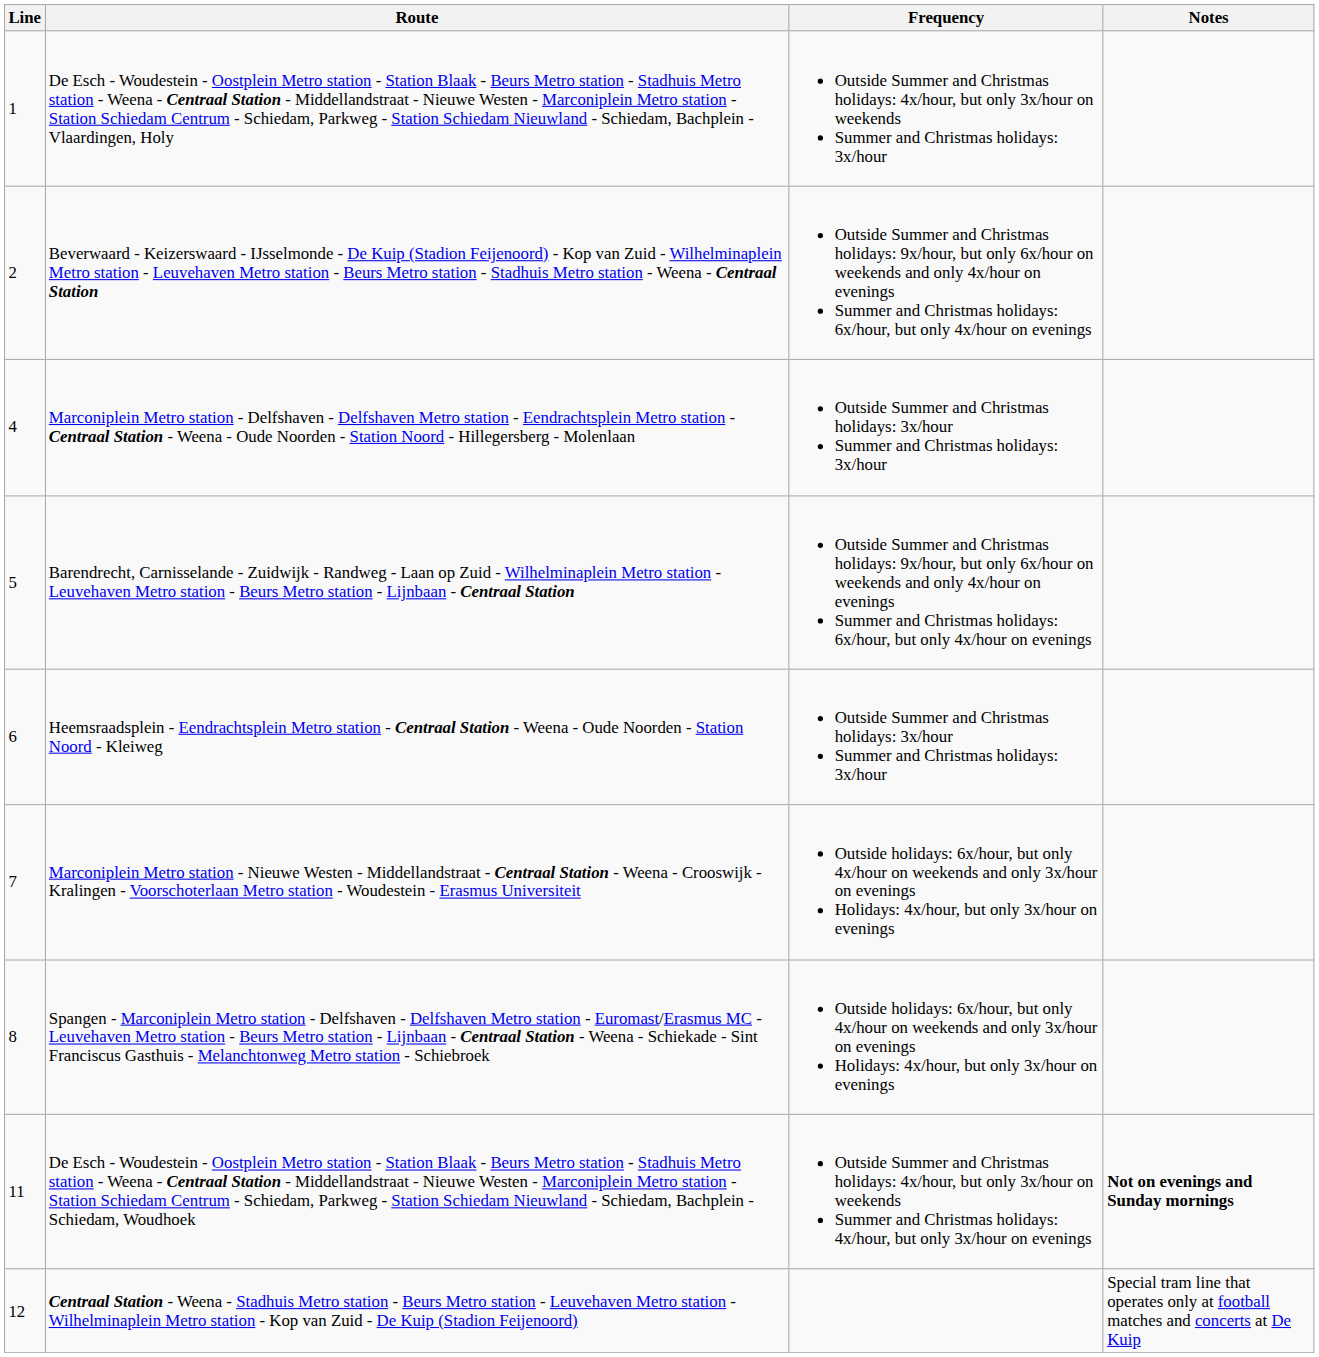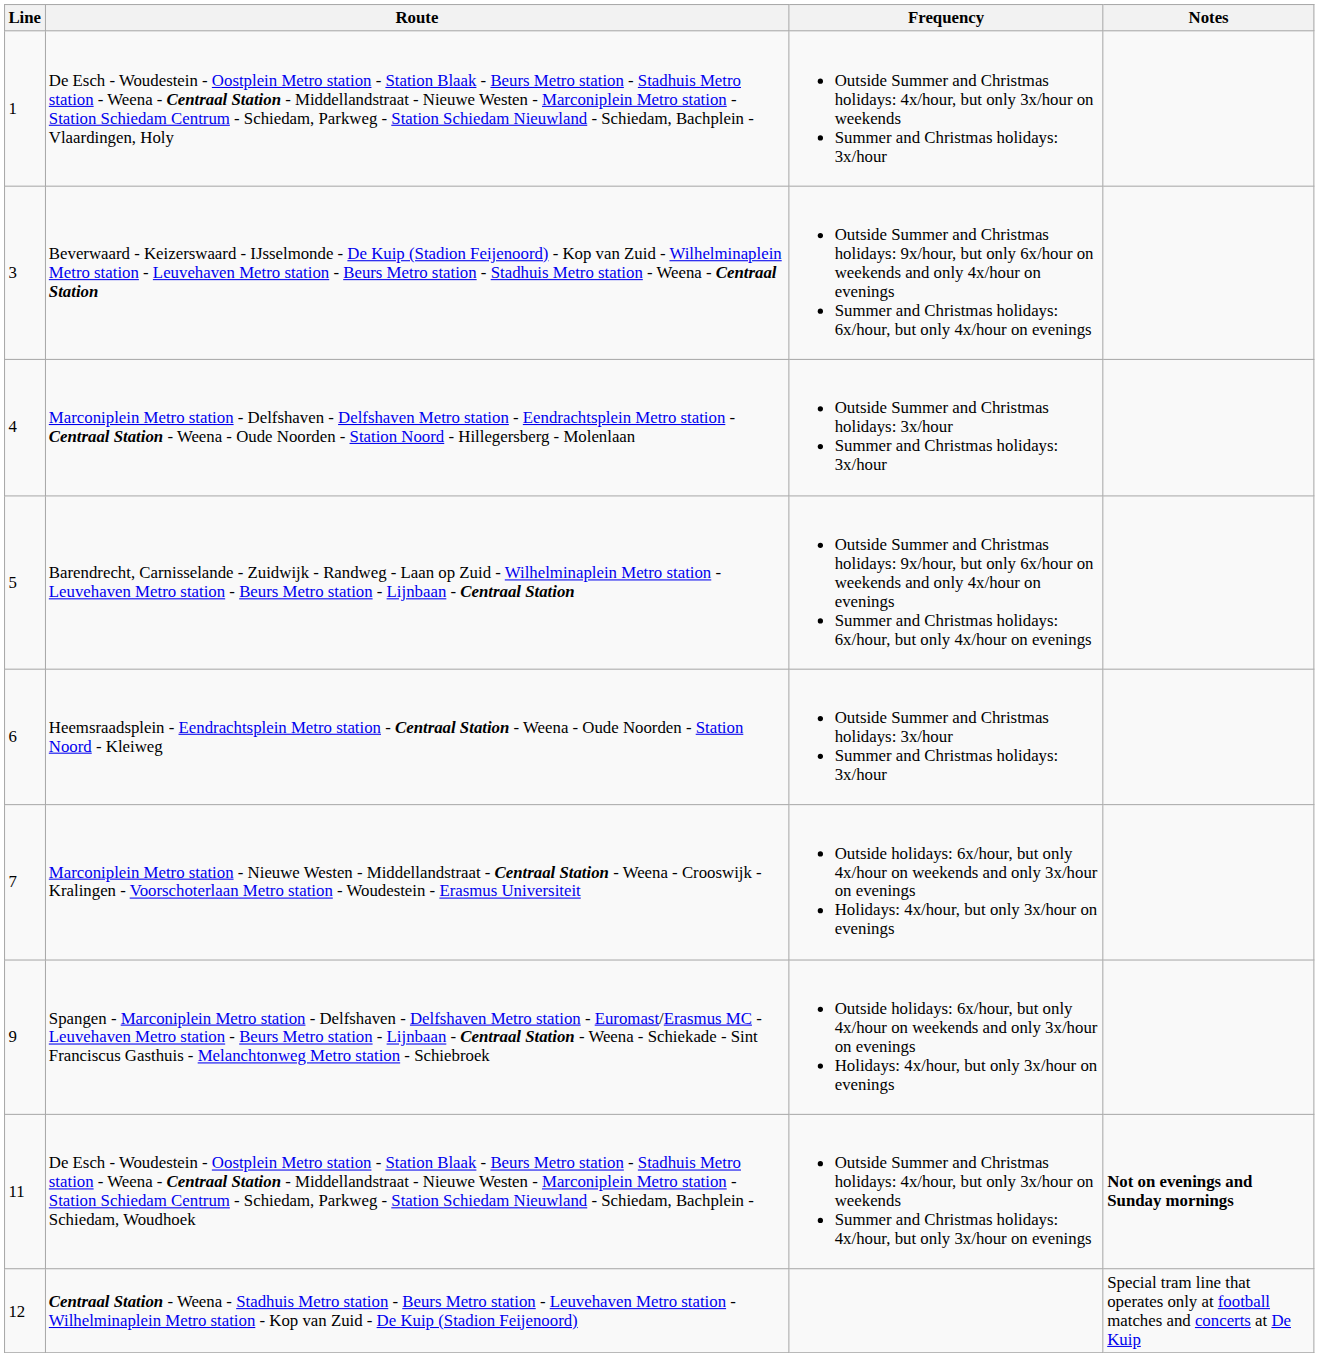 <table class="wikitable vatop">
 <tr>
 <th>Line</th>
 <th>Route</th>
 <th>Frequency</th>
 <th>Notes</th>
 </tr>
 <tr>
 <td>1</td>
 <td>De Esch - Woudestein - <a href='#'>Oostplein Metro station</a> - <a href='#'>Station Blaak</a> - <a href='#'>Beurs Metro station</a> - <a href='#'>Stadhuis Metro station</a> - Weena - <strong><em>Centraal Station</em></strong> - Middellandstraat - Nieuwe Westen - <a href='#'>Marconiplein Metro station</a> - <a href='#'>Station Schiedam Centrum</a> - Schiedam, Parkweg - <a href='#'>Station Schiedam Nieuwland</a> - Schiedam, Bachplein - Vlaardingen, Holy</td>
 <td><br><ul><li>Outside Summer and Christmas holidays: 4x/hour, but only 3x/hour on weekends</li><li>Summer and Christmas holidays: 3x/hour</li></ul></td>
 <td></td>
 </tr>
 <tr>
-<td>2</td>
+<td>3</td>
 <td>Beverwaard - Keizerswaard - IJsselmonde - <a href='#'>De Kuip (Stadion Feijenoord)</a> - Kop van Zuid - <a href='#'>Wilhelminaplein Metro station</a> - <a href='#'>Leuvehaven Metro station</a> - <a href='#'>Beurs Metro station</a> - <a href='#'>Stadhuis Metro station</a> - Weena - <strong><em>Centraal Station</em></strong></td>
 <td><br><ul><li>Outside Summer and Christmas holidays: 9x/hour, but only 6x/hour on weekends and only 4x/hour on evenings</li><li>Summer and Christmas holidays: 6x/hour, but only 4x/hour on evenings</li></ul></td>
 <td></td>
 </tr>
 <tr>
 <td>4</td>
 <td><a href='#'>Marconiplein Metro station</a> - Delfshaven - <a href='#'>Delfshaven Metro station</a> - <a href='#'>Eendrachtsplein Metro station</a> - <strong><em>Centraal Station</em></strong> - Weena - Oude Noorden - <a href='#'>Station Noord</a> - Hillegersberg - Molenlaan</td>
 <td><br><ul><li>Outside Summer and Christmas holidays: 3x/hour</li><li>Summer and Christmas holidays: 3x/hour</li></ul></td>
 <td></td>
 </tr>
 <tr>
 <td>5</td>
 <td>Barendrecht, Carnisselande - Zuidwijk - Randweg - Laan op Zuid - <a href='#'>Wilhelminaplein Metro station</a> - <a href='#'>Leuvehaven Metro station</a> - <a href='#'>Beurs Metro station</a> - <a href='#'>Lijnbaan</a> - <strong><em>Centraal Station</em></strong></td>
 <td><br><ul><li>Outside Summer and Christmas holidays: 9x/hour, but only 6x/hour on weekends and only 4x/hour on evenings</li><li>Summer and Christmas holidays: 6x/hour, but only 4x/hour on evenings</li></ul></td>
 <td></td>
 </tr>
 <tr>
 <td>6</td>
 <td>Heemsraadsplein - <a href='#'>Eendrachtsplein Metro station</a> - <strong><em>Centraal Station</em></strong> - Weena - Oude Noorden - <a href='#'>Station Noord</a> - Kleiweg</td>
 <td><br><ul><li>Outside Summer and Christmas holidays: 3x/hour</li><li>Summer and Christmas holidays: 3x/hour</li></ul></td>
 <td></td>
 </tr>
 <tr>
 <td>7</td>
 <td><a href='#'>Marconiplein Metro station</a> - Nieuwe Westen - Middellandstraat - <strong><em>Centraal Station</em></strong> - Weena - Crooswijk - Kralingen - <a href='#'>Voorschoterlaan Metro station</a> - Woudestein - <a href='#'>Erasmus Universiteit</a></td>
 <td><br><ul><li>Outside holidays: 6x/hour, but only 4x/hour on weekends and only 3x/hour on evenings</li><li>Holidays: 4x/hour, but only 3x/hour on evenings</li></ul></td>
 <td></td>
 </tr>
 <tr>
-<td>8</td>
+<td>9</td>
 <td>Spangen - <a href='#'>Marconiplein Metro station</a> - Delfshaven - <a href='#'>Delfshaven Metro station</a> - <a href='#'>Euromast</a>/<a href='#'>Erasmus MC</a> - <a href='#'>Leuvehaven Metro station</a> - <a href='#'>Beurs Metro station</a> - <a href='#'>Lijnbaan</a> - <strong><em>Centraal Station</em></strong> - Weena - Schiekade - Sint Franciscus Gasthuis - <a href='#'>Melanchtonweg Metro station</a> - Schiebroek</td>
 <td><br><ul><li>Outside holidays: 6x/hour, but only 4x/hour on weekends and only 3x/hour on evenings</li><li>Holidays: 4x/hour, but only 3x/hour on evenings</li></ul></td>
 <td></td>
 </tr>
 <tr>
 <td>11</td>
 <td>De Esch - Woudestein - <a href='#'>Oostplein Metro station</a> - <a href='#'>Station Blaak</a> - <a href='#'>Beurs Metro station</a> - <a href='#'>Stadhuis Metro station</a> - Weena - <strong><em>Centraal Station</em></strong> - Middellandstraat - Nieuwe Westen - <a href='#'>Marconiplein Metro station</a> - <a href='#'>Station Schiedam Centrum</a> - Schiedam, Parkweg - <a href='#'>Station Schiedam Nieuwland</a> - Schiedam, Bachplein - Schiedam, Woudhoek</td>
 <td><br><ul><li>Outside Summer and Christmas holidays: 4x/hour, but only 3x/hour on weekends</li><li>Summer and Christmas holidays: 4x/hour, but only 3x/hour on evenings</li></ul></td>
 <td><strong>Not on evenings and Sunday mornings</strong></td>
 </tr>
 <tr>
 <td>12</td>
 <td><strong><em>Centraal Station</em></strong> - Weena - <a href='#'>Stadhuis Metro station</a> - <a href='#'>Beurs Metro station</a> - <a href='#'>Leuvehaven Metro station</a> - <a href='#'>Wilhelminaplein Metro station</a> - Kop van Zuid - <a href='#'>De Kuip (Stadion Feijenoord)</a></td>
 <td></td>
 <td>Special tram line that operates only at <a href='#'>football</a> matches and <a href='#'>concerts</a> at <a href='#'>De Kuip</a></td>
 </tr>
 </table>
